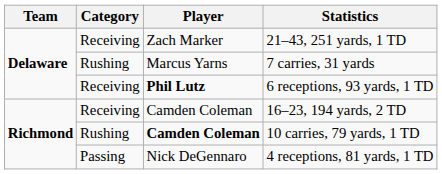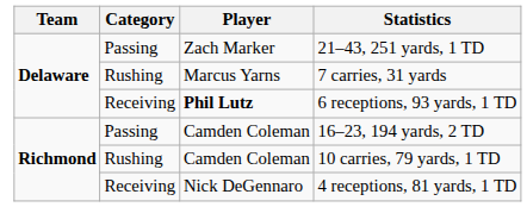 <table class="wikitable" style="float: right;">
 <tr>
 <th>Team</th>
 <th>Category</th>
 <th>Player</th>
 <th>Statistics</th>
 </tr>
 <tr>
 <td rowspan=3><strong>Delaware</strong></td>
-<td>Receiving</td>
+<td>Passing</td>
 <td>Zach Marker</td>
 <td>21–43, 251 yards, 1 TD</td>
 </tr>
 <tr>
 <td>Rushing</td>
 <td>Marcus Yarns</td>
 <td>7 carries, 31 yards</td>
 </tr>
 <tr>
 <td>Receiving</td>
 <td><strong>Phil Lutz</strong></td>
 <td>6 receptions, 93 yards, 1 TD</td>
 </tr>
 <tr>
 <td rowspan=3><strong>Richmond</strong></td>
-<td>Receiving</td>
+<td>Passing</td>
 <td>Camden Coleman</td>
 <td>16–23, 194 yards, 2 TD</td>
 </tr>
 <tr>
 <td>Rushing</td>
-<td><strong>Camden Coleman</strong></td>
+<td>Camden Coleman</td>
 <td>10 carries, 79 yards, 1 TD</td>
 </tr>
 <tr>
-<td>Passing</td>
+<td>Receiving</td>
 <td>Nick DeGennaro</td>
 <td>4 receptions, 81 yards, 1 TD</td>
 </tr>
 </table>
